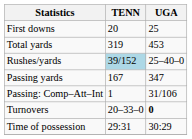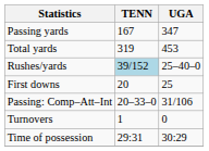 <table class="wikitable" style="float: left;">
 <tr>
 <th>Statistics</th>
 <th>TENN</th>
 <th>UGA</th>
 </tr>
 <tr>
-<td>First downs</td>
-<td>20</td>
-<td>25</td>
+<td>Passing yards</td>
+<td>167</td>
+<td>347</td>
 </tr>
 <tr>
 <td>Total yards</td>
 <td>319</td>
 <td>453</td>
 </tr>
 <tr>
 <td>Rushes/yards</td>
 <td style="background: lightblue;">39/152</td>
 <td>25–40–0</td>
 </tr>
 <tr>
-<td>Passing yards</td>
-<td>167</td>
-<td>347</td>
+<td>First downs</td>
+<td>20</td>
+<td>25</td>
 </tr>
 <tr>
 <td>Passing: Comp–Att–Int</td>
-<td>1</td>
+<td>20–33–0</td>
 <td>31/106</td>
 </tr>
 <tr>
 <td>Turnovers</td>
-<td>20–33–0</td>
-<td><strong>0</strong></td>
+<td>1</td>
+<td>0</td>
 </tr>
 <tr>
 <td>Time of possession</td>
 <td>29:31</td>
 <td>30:29</td>
 </tr>
 <tr>
 </tr>
 </table>
